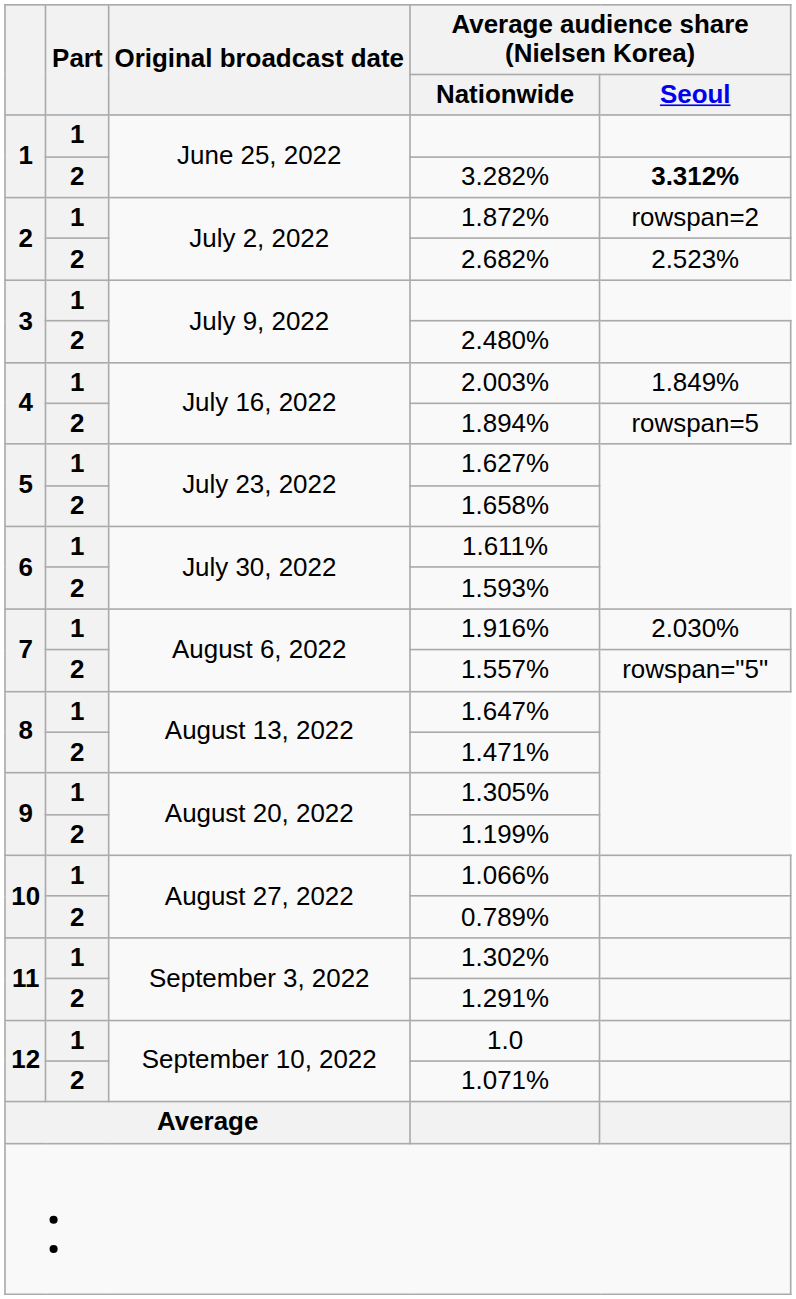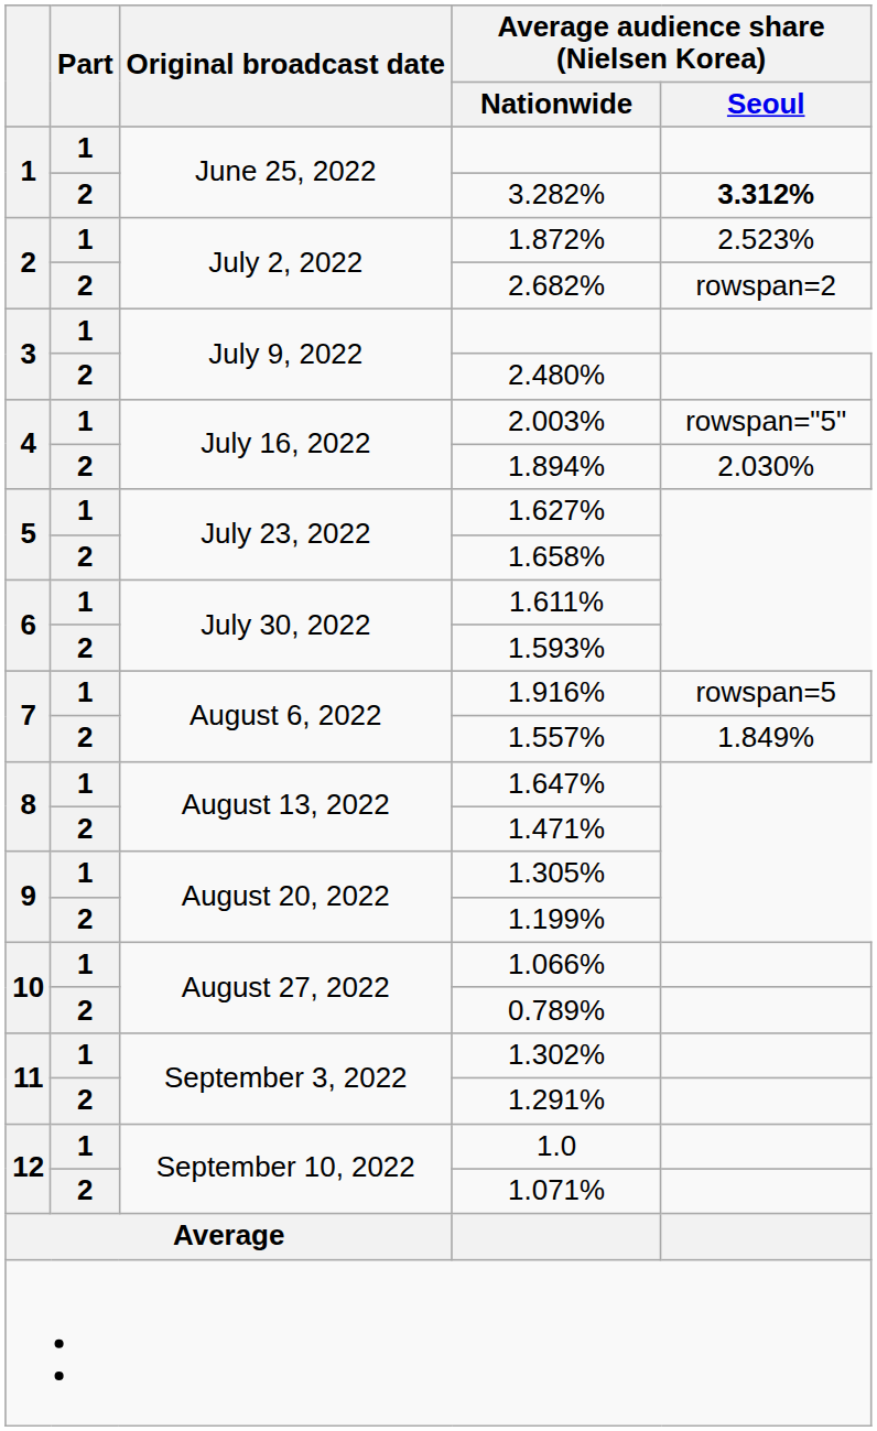 <table class="wikitable" style="text-align:center;max-width:500px; margin-left: auto; margin-right: auto; border: none;">
 <tr>
 </tr>
 <tr>
 <th rowspan="2"></th>
 <th rowspan="2">Part</th>
 <th rowspan="2">Original broadcast date</th>
 <th colspan="2">Average audience share<br>(Nielsen Korea)</th>
 </tr>
 <tr>
 <th width="110">Nationwide</th>
 <th width="110"><a href='#'>Seoul</a></th>
 </tr>
 <tr>
 <th rowspan="2">1</th>
 <th>1</th>
 <td rowspan="2">June 25, 2022</td>
 <td> </td>
 <td> </td>
 </tr>
 <tr>
 <th>2</th>
 <td>3.282% </td>
 <td><strong>3.312% </strong></td>
 </tr>
 <tr>
 <th rowspan="2">2</th>
 <th>1</th>
 <td rowspan="2">July 2, 2022</td>
 <td>1.872% </td>
-<td>rowspan=2</td>
+<td>2.523% </td>
 </tr>
 <tr>
 <th>2</th>
 <td>2.682% </td>
-<td>2.523% </td>
+<td>rowspan=2</td>
 </tr>
 <tr>
 <th rowspan="2">3</th>
 <th>1</th>
 <td rowspan="2">July 9, 2022</td>
 <td> </td>
 </tr>
 <tr>
 <th>2</th>
 <td>2.480%  </td>
 <td> </td>
 </tr>
 <tr>
 <th rowspan="2">4</th>
 <th>1</th>
 <td rowspan="2">July 16, 2022</td>
 <td>2.003% </td>
-<td>1.849% </td>
+<td>rowspan="5" </td>
 </tr>
 <tr>
 <th>2</th>
 <td>1.894% </td>
-<td>rowspan=5 </td>
+<td>2.030% </td>
 </tr>
 <tr>
 <th rowspan="2">5</th>
 <th>1</th>
 <td rowspan="2">July 23, 2022</td>
 <td>1.627% </td>
 </tr>
 <tr>
 <th>2</th>
 <td>1.658% </td>
 </tr>
 <tr>
 <th rowspan="2">6</th>
 <th>1</th>
 <td rowspan="2">July 30, 2022</td>
 <td>1.611% </td>
 </tr>
 <tr>
 <th>2</th>
 <td>1.593% </td>
 </tr>
 <tr>
 <th rowspan="2">7</th>
 <th>1</th>
 <td rowspan="2">August 6, 2022</td>
 <td>1.916%  </td>
-<td>2.030% </td>
+<td>rowspan=5 </td>
 </tr>
 <tr>
 <th>2</th>
 <td>1.557% </td>
-<td>rowspan="5" </td>
+<td>1.849% </td>
 </tr>
 <tr>
 <th rowspan="2">8</th>
 <th>1</th>
 <td rowspan="2">August 13, 2022</td>
 <td>1.647% </td>
 </tr>
 <tr>
 <th>2</th>
 <td>1.471% </td>
 </tr>
 <tr>
 <th rowspan="2">9</th>
 <th>1</th>
 <td rowspan="2">August 20, 2022</td>
 <td>1.305% </td>
 </tr>
 <tr>
 <th>2</th>
 <td>1.199% </td>
 </tr>
 <tr>
 <th rowspan="2">10</th>
 <th>1</th>
 <td rowspan="2">August 27, 2022</td>
 <td>1.066% </td>
 <td></td>
 </tr>
 <tr>
 <th>2</th>
 <td>0.789% </td>
 <td></td>
 </tr>
 <tr>
 <th rowspan="2">11</th>
 <th>1</th>
 <td rowspan="2">September 3, 2022</td>
 <td>1.302% </td>
 <td></td>
 </tr>
 <tr>
 <th>2</th>
 <td>1.291% </td>
 <td></td>
 </tr>
 <tr>
 <th rowspan="2">12</th>
 <th>1</th>
 <td rowspan="2">September 10, 2022</td>
 <td>1.0 </td>
 <td></td>
 </tr>
 <tr>
 <th>2</th>
 <td>1.071% </td>
 <td></td>
 </tr>
 <tr>
 <th colspan="3">Average</th>
 <th></th>
 <th></th>
 </tr>
 <tr>
 <td colspan="5"><br><ul><li></li><li></li></ul></td>
 </tr>
 </table>
